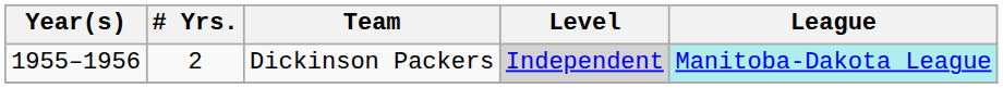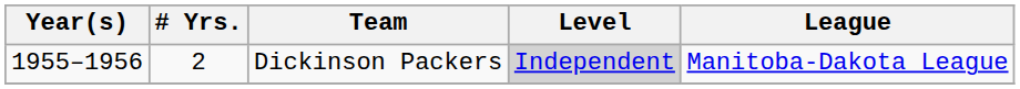 <table class="wikitable" style="text-align:center; font-size: 95%;">
 <tr>
 <th>Year(s)</th>
 <th># Yrs.</th>
 <th>Team</th>
 <th>Level</th>
 <th>League</th>
 </tr>
 <tr>
 <td>1955–1956</td>
 <td>2</td>
 <td>Dickinson Packers</td>
 <td style="background: lightgrey;"><a href='#'>Independent</a></td>
-<td style="background: paleturquoise;"><a href='#'>Manitoba-Dakota League</a></td>
+<td><a href='#'>Manitoba-Dakota League</a></td>
 </tr>
 <tr>
 </tr>
 </table>
